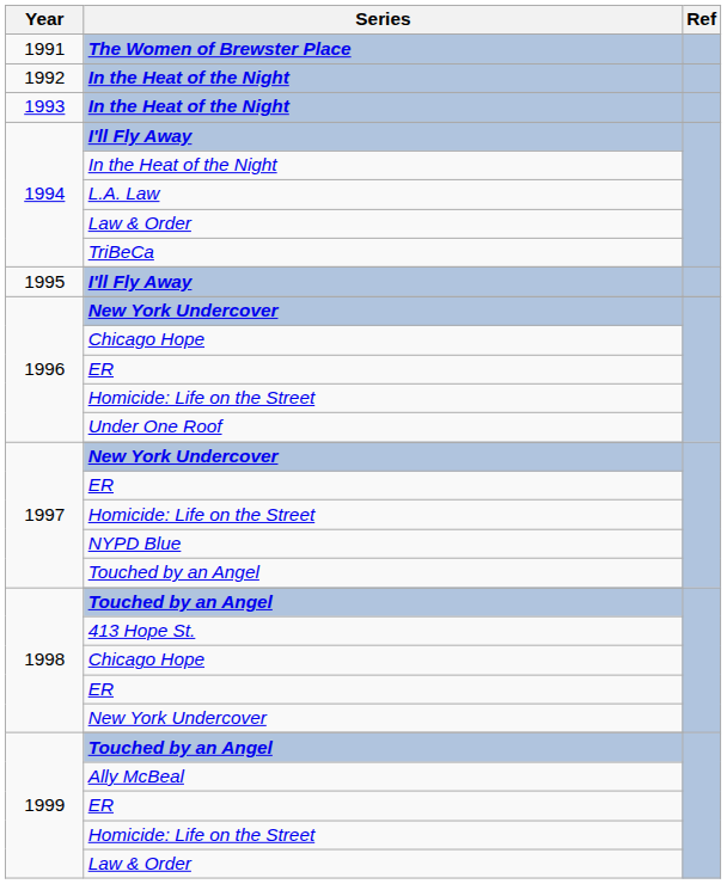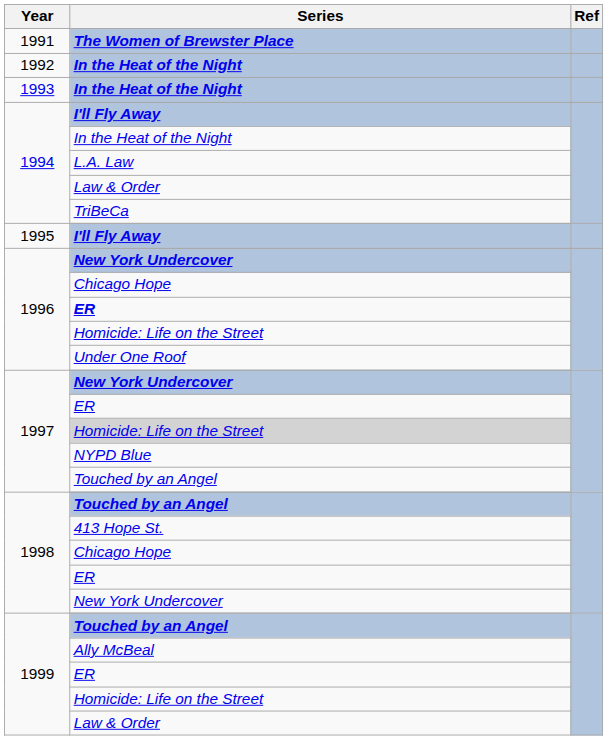 <table class="wikitable" style="width:100%;">
 <tr style="background:#bebebe;">
 <th style="width:11%;">Year</th>
 <th style="width:84%;">Series</th>
 <th style="width:5%;">Ref</th>
 </tr>
 <tr>
 <td rowspan="2" align="center">1991</td>
 </tr>
 <tr style="background:#B0C4DE">
 <td><strong><em><a href='#'>The Women of Brewster Place</a></em></strong></td>
 <td align="center"></td>
 </tr>
 <tr>
 <td rowspan="2" align="center">1992</td>
 </tr>
 <tr style="background:#B0C4DE">
 <td><strong><em><a href='#'>In the Heat of the Night</a></em></strong></td>
 <td rowspan="2" align="center"></td>
 </tr>
 <tr>
 <td rowspan="2" align="center"><a href='#'>1993</a></td>
 </tr>
 <tr style="background:#B0C4DE">
 <td><strong><em><a href='#'>In the Heat of the Night</a></em></strong></td>
 <td align="center"></td>
 </tr>
 <tr>
 <td rowspan="6" align="center"><a href='#'>1994</a></td>
 </tr>
 <tr style="background:#B0C4DE">
 <td><strong><em><a href='#'>I'll Fly Away</a></em></strong></td>
 <td rowspan="6" align="center"></td>
 </tr>
 <tr>
 <td><em><a href='#'>In the Heat of the Night</a></em></td>
 </tr>
 <tr>
 <td><em><a href='#'>L.A. Law</a></em></td>
 </tr>
 <tr>
 <td><em><a href='#'>Law & Order</a></em></td>
 </tr>
 <tr>
 <td><em><a href='#'>TriBeCa</a></em></td>
 </tr>
 <tr>
 <td rowspan="2" align="center">1995</td>
 </tr>
 <tr style="background:#B0C4DE">
 <td><strong><em><a href='#'>I'll Fly Away</a></em></strong></td>
 <td align="center"></td>
 </tr>
 <tr>
 <td rowspan="6" align="center">1996</td>
 </tr>
 <tr style="background:#B0C4DE">
 <td><strong><em><a href='#'>New York Undercover</a></em></strong></td>
 <td rowspan="6" align="center"></td>
 </tr>
 <tr>
 <td><em><a href='#'>Chicago Hope</a></em></td>
 </tr>
 <tr>
-<td><em><a href='#'>ER</a></em></td>
+<td><strong><em><a href='#'>ER</a></em></strong></td>
 </tr>
 <tr>
 <td><em><a href='#'>Homicide: Life on the Street</a></em></td>
 </tr>
 <tr>
 <td><em><a href='#'>Under One Roof</a></em></td>
 </tr>
 <tr>
 <td rowspan="6" align="center">1997</td>
 </tr>
 <tr style="background:#B0C4DE">
 <td><strong><em><a href='#'>New York Undercover</a></em></strong></td>
 <td rowspan="6" align="center"></td>
 </tr>
 <tr>
 <td><em><a href='#'>ER</a></em></td>
 </tr>
 <tr>
-<td><em><a href='#'>Homicide: Life on the Street</a></em></td>
+<td style="background: lightgrey;"><em><a href='#'>Homicide: Life on the Street</a></em></td>
 </tr>
 <tr>
 <td><em><a href='#'>NYPD Blue</a></em></td>
 </tr>
 <tr>
 <td><em><a href='#'>Touched by an Angel</a></em></td>
 </tr>
 <tr>
 <td rowspan="6" align="center">1998</td>
 </tr>
 <tr style="background:#B0C4DE">
 <td><strong><em><a href='#'>Touched by an Angel</a></em></strong></td>
 <td rowspan="6" align="center"></td>
 </tr>
 <tr>
 <td><em><a href='#'>413 Hope St.</a></em></td>
 </tr>
 <tr>
 <td><em><a href='#'>Chicago Hope</a></em></td>
 </tr>
 <tr>
 <td><em><a href='#'>ER</a></em></td>
 </tr>
 <tr>
 <td><em><a href='#'>New York Undercover</a></em></td>
 </tr>
 <tr>
 <td rowspan="6" align="center">1999</td>
 </tr>
 <tr style="background:#B0C4DE">
 <td><strong><em><a href='#'>Touched by an Angel</a></em></strong></td>
 <td rowspan="6" align="center"></td>
 </tr>
 <tr>
 <td><em><a href='#'>Ally McBeal</a></em></td>
 </tr>
 <tr>
 <td><em><a href='#'>ER</a></em></td>
 </tr>
 <tr>
 <td><em><a href='#'>Homicide: Life on the Street</a></em></td>
 </tr>
 <tr>
 <td><em><a href='#'>Law & Order</a></em></td>
 </tr>
 </table>
